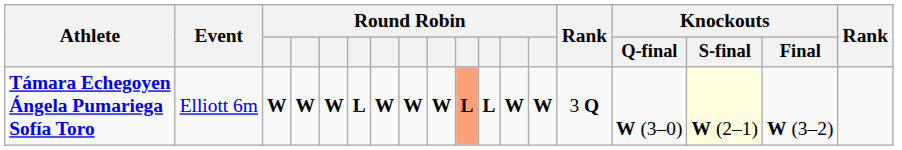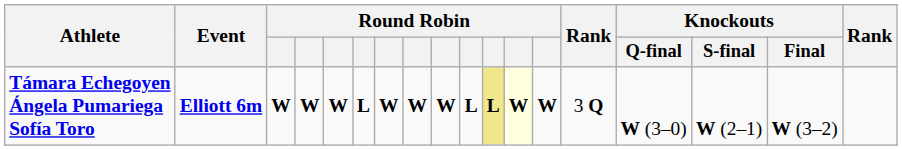 <table class=wikitable style="font-size:90%">
 <tr>
 <th rowspan=2>Athlete</th>
 <th rowspan=2>Event</th>
 <th colspan="11">Round Robin</th>
 <th rowspan="2">Rank</th>
 <th colspan="3">Knockouts</th>
 <th rowspan="2">Rank</th>
 </tr>
 <tr style="vertical-align:bottom; font-size:95%">
 <th></th>
 <th></th>
 <th></th>
 <th></th>
 <th></th>
 <th></th>
 <th></th>
 <th></th>
 <th></th>
 <th></th>
 <th></th>
 <th valign=middle>Q-final</th>
 <th valign=middle>S-final</th>
 <th valign=middle>Final</th>
 </tr>
 <tr align=center>
 <td align=left><strong><a href='#'>Támara Echegoyen</a></strong><br><strong><a href='#'>Ángela Pumariega</a></strong><br><strong><a href='#'>Sofía Toro</a></strong></td>
-<td align=left><a href='#'>Elliott 6m</a></td>
+<td align=left><strong><a href='#'>Elliott 6m</a></strong></td>
 <td><strong>W</strong></td>
 <td><strong>W</strong></td>
 <td><strong>W</strong></td>
 <td><strong>L</strong></td>
 <td><strong>W</strong></td>
 <td><strong>W</strong></td>
 <td><strong>W</strong></td>
-<td style="background: lightsalmon;"><strong>L</strong></td>
 <td><strong>L</strong></td>
-<td><strong>W</strong></td>
+<td style="background: khaki;"><strong>L</strong></td>
+<td style="background: lightyellow;"><strong>W</strong></td>
 <td><strong>W</strong></td>
 <td>3 <strong>Q</strong></td>
 <td valign=bottom><br><strong>W</strong> (3–0)</td>
-<td valign=bottom style="background: lightyellow;"><br><strong>W</strong> (2–1)</td>
+<td valign=bottom><br><strong>W</strong> (2–1)</td>
 <td valign=bottom><br><strong>W</strong> (3–2)</td>
 <td></td>
 </tr>
 </table>
